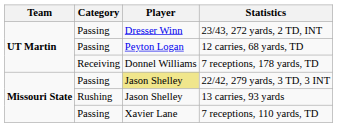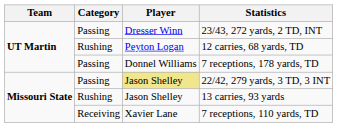 <table class="wikitable" style="float: right;">
 <tr>
 <th>Team</th>
 <th>Category</th>
 <th>Player</th>
 <th>Statistics</th>
 </tr>
 <tr>
 <td rowspan=3><strong>UT Martin</strong></td>
 <td>Passing</td>
 <td><a href='#'>Dresser Winn</a></td>
 <td>23/43, 272 yards, 2 TD, INT</td>
 </tr>
 <tr>
-<td>Passing</td>
+<td>Rushing</td>
 <td><a href='#'>Peyton Logan</a></td>
 <td>12 carries, 68 yards, TD</td>
 </tr>
 <tr>
-<td>Receiving</td>
+<td>Passing</td>
 <td>Donnel Williams</td>
 <td>7 receptions, 178 yards, TD</td>
 </tr>
 <tr>
 <td rowspan=3><strong>Missouri State</strong></td>
 <td>Passing</td>
 <td style="background: khaki;">Jason Shelley</td>
 <td>22/42, 279 yards, 3 TD, 3 INT</td>
 </tr>
 <tr>
 <td>Rushing</td>
 <td>Jason Shelley</td>
 <td>13 carries, 93 yards</td>
 </tr>
 <tr>
-<td>Passing</td>
+<td>Receiving</td>
 <td>Xavier Lane</td>
 <td>7 receptions, 110 yards, TD</td>
 </tr>
 </table>
